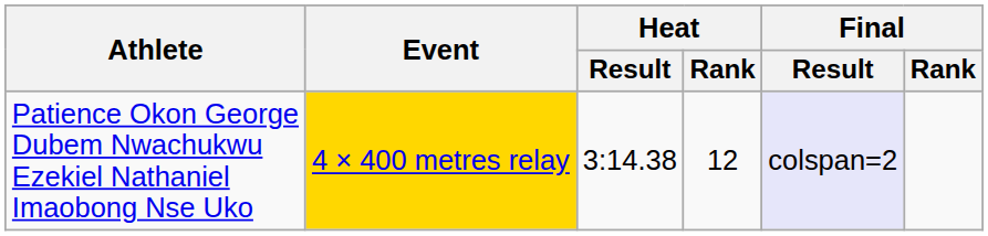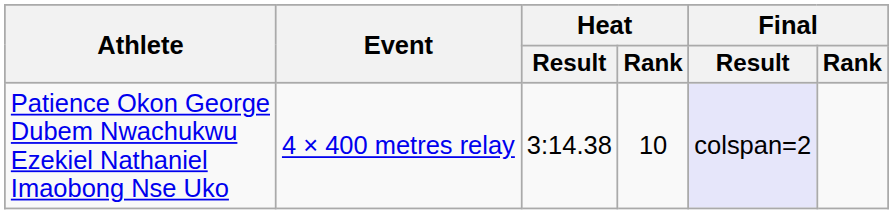 <table class="wikitable" style="font-size:90%">
 <tr>
 <th rowspan="2">Athlete</th>
 <th rowspan="2">Event</th>
 <th colspan="2">Heat</th>
 <th colspan="2">Final</th>
 </tr>
 <tr style="font-size:95%">
 <th>Result</th>
 <th>Rank</th>
 <th>Result</th>
 <th>Rank</th>
 </tr>
 <tr align="center">
 <td align="left"><a href='#'>Patience Okon George</a><br><a href='#'>Dubem Nwachukwu</a><br><a href='#'>Ezekiel Nathaniel</a><br><a href='#'>Imaobong Nse Uko</a></td>
-<td align="left" style="background: gold;"><a href='#'>4 × 400 metres relay</a></td>
+<td align="left"><a href='#'>4 × 400 metres relay</a></td>
 <td>3:14.38 </td>
-<td>12</td>
+<td>10</td>
 <td style="background: lavender;">colspan=2</td>
 </tr>
 </table>
